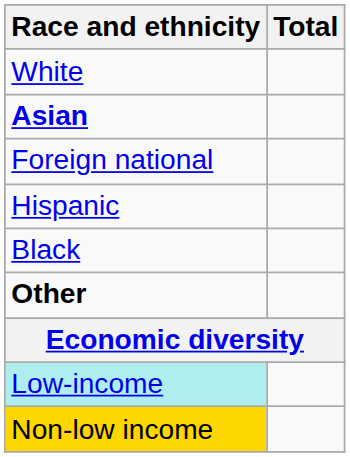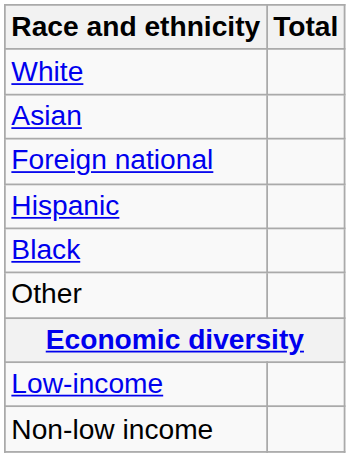 <table class="wikitable floatright sortable collapsible"; text-align:right; font-size:80%;">
 <tr>
 <th>Race and ethnicity</th>
 <th colspan="2" data-sort-type=number>Total</th>
 </tr>
 <tr>
 <td><a href='#'>White</a></td>
 <td align=right></td>
 </tr>
 <tr>
-<td><strong><a href='#'>Asian</a></strong></td>
+<td><a href='#'>Asian</a></td>
 <td align=right></td>
 </tr>
 <tr>
 <td><a href='#'>Foreign national</a></td>
 <td align=right></td>
 </tr>
 <tr>
 <td><a href='#'>Hispanic</a></td>
 <td align=right></td>
 </tr>
 <tr>
 <td><a href='#'>Black</a></td>
 <td align=right></td>
 </tr>
 <tr>
-<td><strong>Other</strong></td>
+<td>Other</td>
 <td align=right></td>
 </tr>
 <tr>
 <th colspan="4" data-sort-type=number><a href='#'>Economic diversity</a></th>
 </tr>
 <tr>
-<td style="background: paleturquoise;"><a href='#'>Low-income</a></td>
+<td><a href='#'>Low-income</a></td>
 <td align=right></td>
 </tr>
 <tr>
-<td style="background: gold;">Non-low income</td>
+<td>Non-low income</td>
 <td align=right></td>
 </tr>
 </table>
